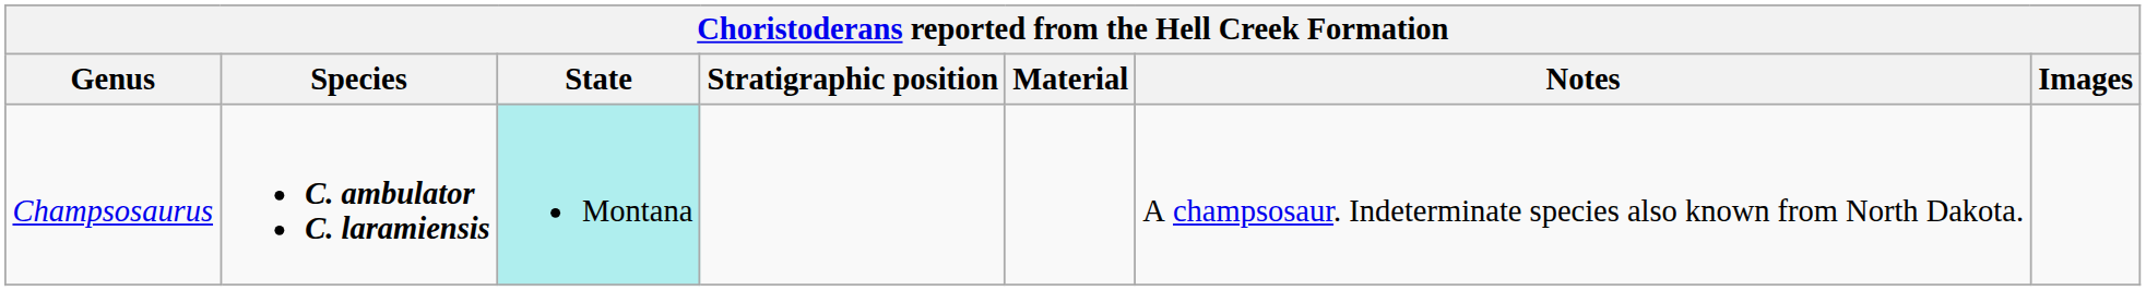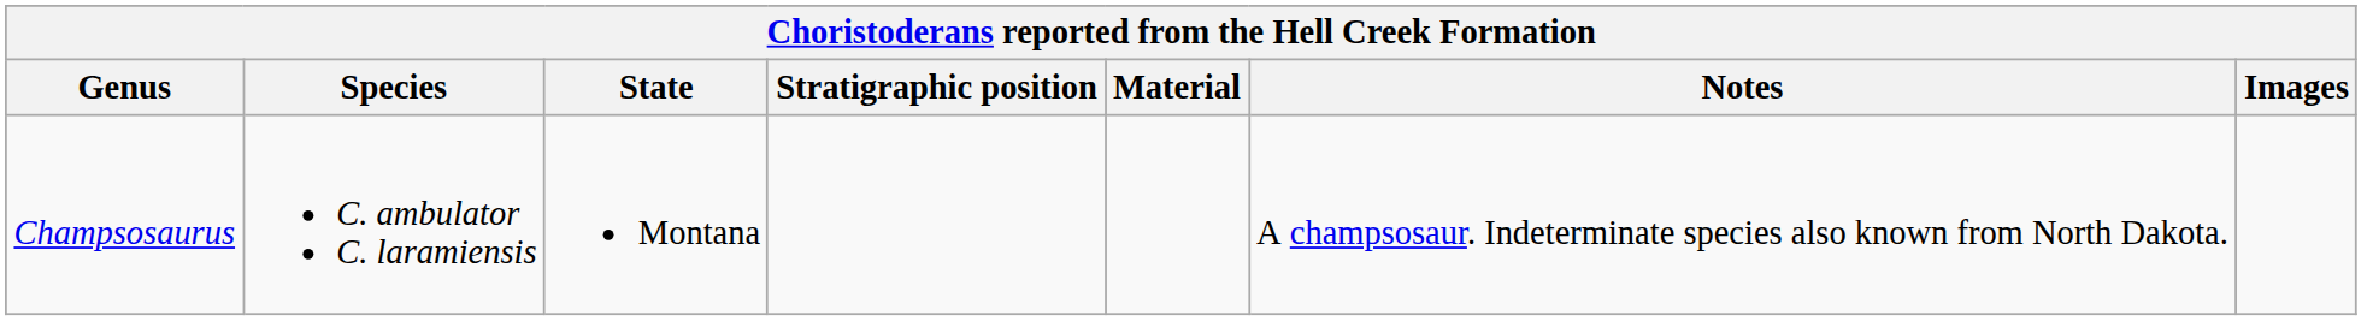 <table class="wikitable sortable mw-collapsible">
 <tr>
 <th colspan="8" style="text-align:center;"><strong><a href='#'>Choristoderans</a> reported from the Hell Creek Formation</strong></th>
 </tr>
 <tr>
 <th>Genus</th>
 <th>Species</th>
 <th>State</th>
 <th>Stratigraphic position</th>
 <th>Material</th>
 <th>Notes</th>
 <th>Images</th>
 </tr>
 <tr>
 <td><br><em><a href='#'>Champsosaurus</a></em></td>
-<td><strong><br><ul><li><em>C. ambulator</em></li><li><em>C. laramiensis</em></li></ul></strong></td>
-<td style="background: paleturquoise;"><br><ul><li>Montana</li></ul></td>
+<td><br><ul><li><em>C. ambulator</em></li><li><em>C. laramiensis</em></li></ul></td>
+<td><br><ul><li>Montana</li></ul></td>
 <td></td>
 <td></td>
 <td><br>A <a href='#'>champsosaur</a>. Indeterminate species also known from North Dakota.</td>
 <td><br><br> </td>
 </tr>
 </table>
